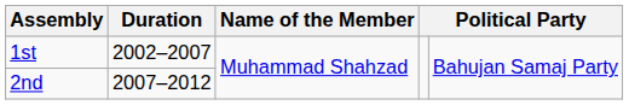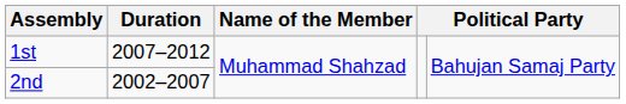 <table class="wikitable sortable">
 <tr>
 <th>Assembly</th>
 <th>Duration</th>
 <th>Name of the Member</th>
 <th colspan=2>Political Party</th>
 </tr>
 <tr>
 <td><a href='#'>1st</a></td>
-<td>2002–2007</td>
+<td>2007–2012</td>
 <td rowspan=2><a href='#'>Muhammad Shahzad</a></td>
 <td rowspan=2 style="background:"></td>
 <td rowspan=2><a href='#'>Bahujan Samaj Party</a></td>
 </tr>
 <tr>
 <td><a href='#'>2nd</a></td>
-<td>2007–2012</td>
+<td>2002–2007</td>
 </tr>
 </table>
